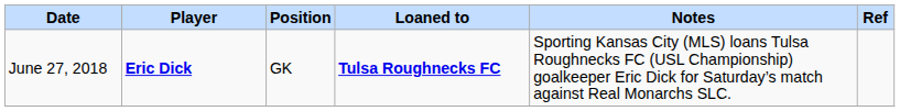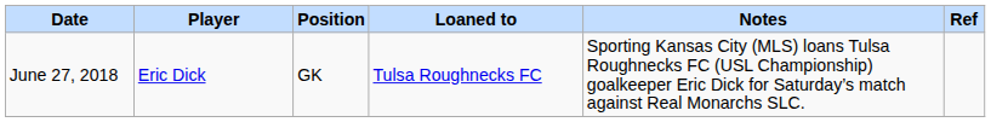 <table class="wikitable" style="text-align:left; font-size:95%;">
 <tr>
 <th style="background:#c2ddff; width:120px;">Date</th>
 <th style="background:#c2ddff; width:150px;">Player</th>
 <th style="background:#c2ddff; width:50px;">Position</th>
 <th style="background:#c2ddff; width:200px;">Loaned to</th>
 <th style="background:#c2ddff; width:350px;">Notes</th>
 <th style="background:#c2ddff; width:30px;">Ref</th>
 </tr>
 <tr>
 <td>June 27, 2018</td>
-<td><strong> <a href='#'>Eric Dick</a></strong></td>
+<td> <a href='#'>Eric Dick</a></td>
 <td>GK</td>
-<td><strong><a href='#'>Tulsa Roughnecks FC</a></strong></td>
+<td><a href='#'>Tulsa Roughnecks FC</a></td>
 <td>Sporting Kansas City (MLS) loans Tulsa Roughnecks FC (USL Championship) goalkeeper Eric Dick for Saturday’s match against Real Monarchs SLC.</td>
 <td></td>
 </tr>
 <tr>
 </tr>
 </table>
